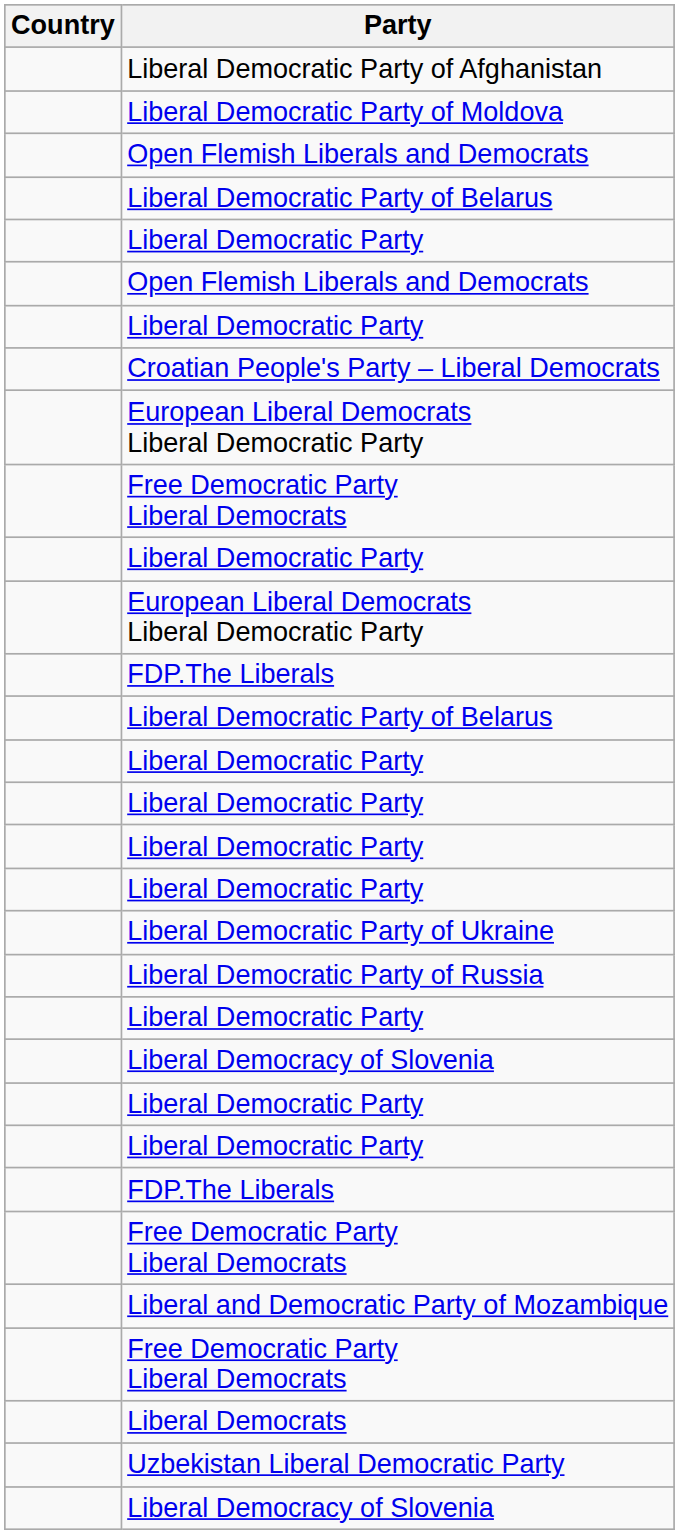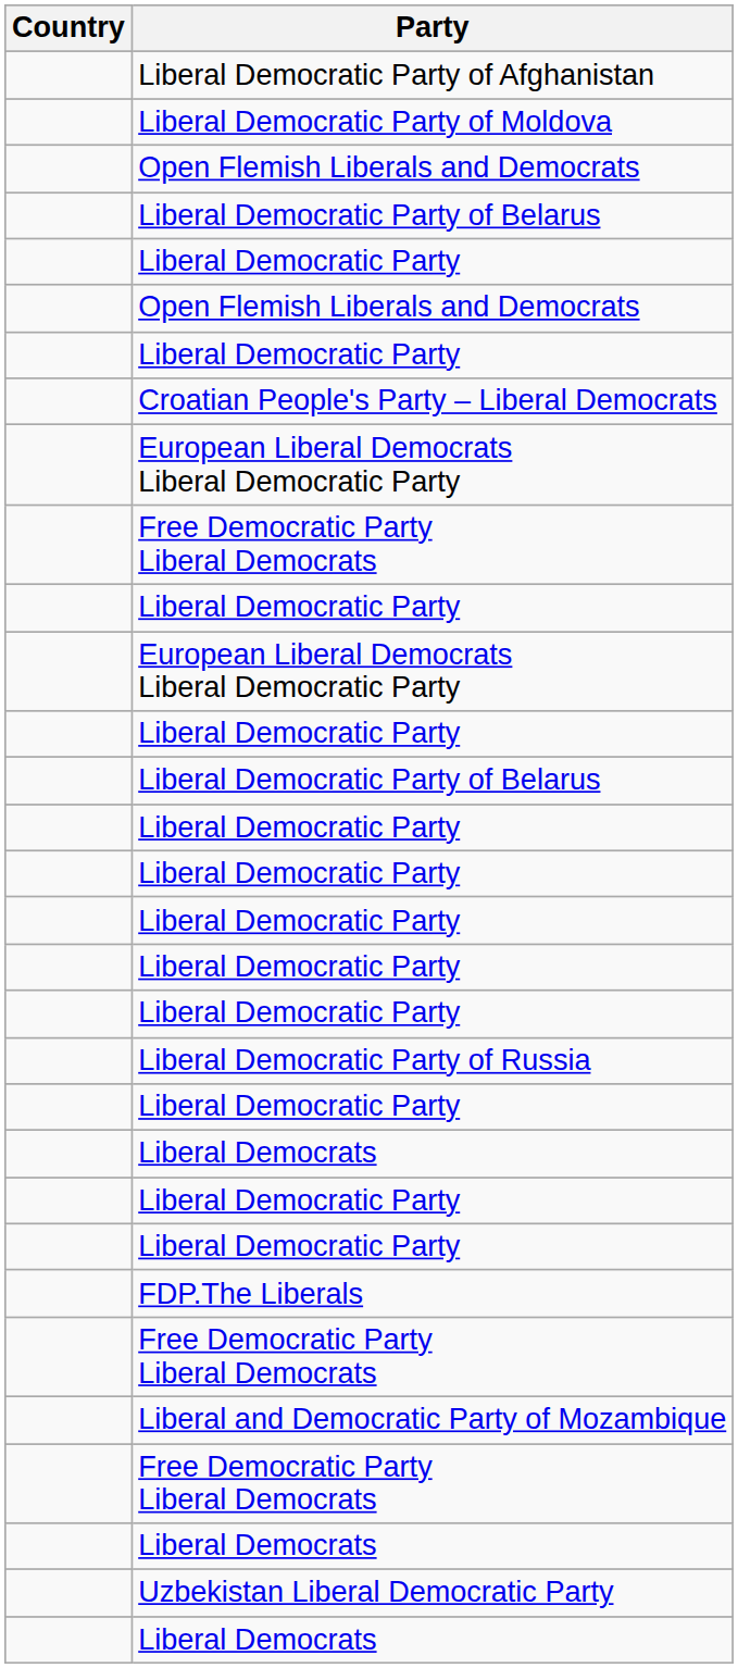 <table class="wikitable sortable">
 <tr>
 <th>Country</th>
 <th>Party</th>
 </tr>
 <tr>
 <td></td>
 <td>Liberal Democratic Party of Afghanistan</td>
 </tr>
 <tr>
 <td></td>
 <td><a href='#'>Liberal Democratic Party of Moldova</a></td>
 </tr>
 <tr>
 <td></td>
 <td><a href='#'>Open Flemish Liberals and Democrats</a></td>
 </tr>
 <tr>
 <td></td>
 <td><a href='#'>Liberal Democratic Party of Belarus</a></td>
 </tr>
 <tr>
 <td></td>
 <td><a href='#'>Liberal Democratic Party</a></td>
 </tr>
 <tr>
 <td></td>
 <td><a href='#'>Open Flemish Liberals and Democrats</a></td>
 </tr>
 <tr>
 <td></td>
 <td><a href='#'>Liberal Democratic Party</a></td>
 </tr>
 <tr>
 <td></td>
 <td><a href='#'>Croatian People's Party – Liberal Democrats</a></td>
 </tr>
 <tr>
 <td></td>
 <td><a href='#'>European Liberal Democrats</a><br>Liberal Democratic Party</td>
 </tr>
 <tr>
 <td></td>
 <td><a href='#'>Free Democratic Party</a><br><a href='#'>Liberal Democrats</a></td>
 </tr>
 <tr>
 <td></td>
 <td><a href='#'>Liberal Democratic Party</a></td>
 </tr>
 <tr>
 <td></td>
 <td><a href='#'>European Liberal Democrats</a><br>Liberal Democratic Party</td>
 </tr>
 <tr>
 <td></td>
-<td><a href='#'>FDP.The Liberals</a></td>
+<td><a href='#'>Liberal Democratic Party</a></td>
 </tr>
 <tr>
 <td></td>
 <td><a href='#'>Liberal Democratic Party of Belarus</a></td>
 </tr>
 <tr>
 <td></td>
 <td><a href='#'>Liberal Democratic Party</a></td>
 </tr>
 <tr>
 <td></td>
 <td><a href='#'>Liberal Democratic Party</a></td>
 </tr>
 <tr>
 <td></td>
 <td><a href='#'>Liberal Democratic Party</a></td>
 </tr>
 <tr>
 <td></td>
 <td><a href='#'>Liberal Democratic Party</a></td>
 </tr>
 <tr>
 <td></td>
-<td><a href='#'>Liberal Democratic Party of Ukraine</a></td>
+<td><a href='#'>Liberal Democratic Party</a></td>
 </tr>
 <tr>
 <td></td>
 <td><a href='#'>Liberal Democratic Party of Russia</a></td>
 </tr>
 <tr>
 <td></td>
 <td><a href='#'>Liberal Democratic Party</a></td>
 </tr>
 <tr>
 <td></td>
-<td><a href='#'>Liberal Democracy of Slovenia</a></td>
+<td><a href='#'>Liberal Democrats</a></td>
 </tr>
 <tr>
 <td></td>
 <td><a href='#'>Liberal Democratic Party</a></td>
 </tr>
 <tr>
 <td></td>
 <td><a href='#'>Liberal Democratic Party</a></td>
 </tr>
 <tr>
 <td></td>
 <td><a href='#'>FDP.The Liberals</a></td>
 </tr>
 <tr>
 <td><em></em></td>
 <td><a href='#'>Free Democratic Party</a><br><a href='#'>Liberal Democrats</a></td>
 </tr>
 <tr>
 <td></td>
 <td><a href='#'>Liberal and Democratic Party of Mozambique</a></td>
 </tr>
 <tr>
 <td></td>
 <td><a href='#'>Free Democratic Party</a><br><a href='#'>Liberal Democrats</a></td>
 </tr>
 <tr>
 <td></td>
 <td><a href='#'>Liberal Democrats</a></td>
 </tr>
 <tr>
 <td></td>
 <td><a href='#'>Uzbekistan Liberal Democratic Party</a></td>
 </tr>
 <tr>
 <td></td>
-<td><a href='#'>Liberal Democracy of Slovenia</a></td>
+<td><a href='#'>Liberal Democrats</a></td>
 </tr>
 </table>
